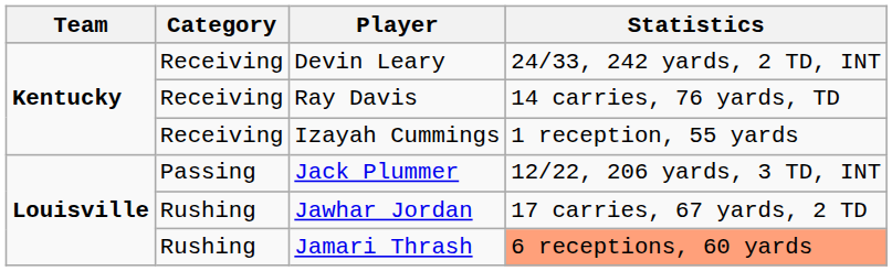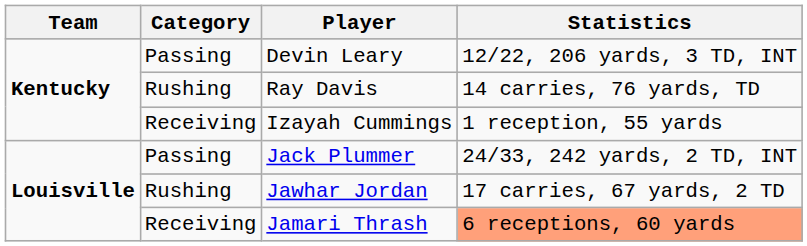 <table class="wikitable" style="float: right;">
 <tr>
 <th>Team</th>
 <th>Category</th>
 <th>Player</th>
 <th>Statistics</th>
 </tr>
 <tr>
 <td rowspan=3><strong>Kentucky</strong></td>
-<td>Receiving</td>
+<td>Passing</td>
 <td>Devin Leary</td>
-<td>24/33, 242 yards, 2 TD, INT</td>
+<td>12/22, 206 yards, 3 TD, INT</td>
 </tr>
 <tr>
-<td>Receiving</td>
+<td>Rushing</td>
 <td>Ray Davis</td>
 <td>14 carries, 76 yards, TD</td>
 </tr>
 <tr>
 <td>Receiving</td>
 <td>Izayah Cummings</td>
 <td>1 reception, 55 yards</td>
 </tr>
 <tr>
 <td rowspan=3><strong>Louisville</strong></td>
 <td>Passing</td>
 <td><a href='#'>Jack Plummer</a></td>
-<td>12/22, 206 yards, 3 TD, INT</td>
+<td>24/33, 242 yards, 2 TD, INT</td>
 </tr>
 <tr>
 <td>Rushing</td>
 <td><a href='#'>Jawhar Jordan</a></td>
 <td>17 carries, 67 yards, 2 TD</td>
 </tr>
 <tr>
-<td>Rushing</td>
+<td>Receiving</td>
 <td><a href='#'>Jamari Thrash</a></td>
 <td style="background: lightsalmon;">6 receptions, 60 yards</td>
 </tr>
 </table>
